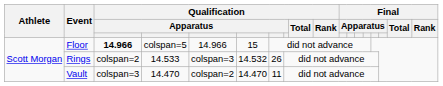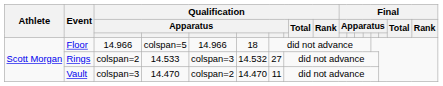 <table class="wikitable" style="font-size:90%">
 <tr>
 <th rowspan=3>Athlete</th>
 <th rowspan=3>Event</th>
 <th colspan =8>Qualification</th>
 <th colspan =8>Final</th>
 </tr>
 <tr style="font-size:95%">
 <th colspan=6>Apparatus</th>
 <th rowspan=2>Total</th>
 <th rowspan=2>Rank</th>
 <th colspan=6>Apparatus</th>
 <th rowspan=2>Total</th>
 <th rowspan=2>Rank</th>
 </tr>
 <tr style="font-size:95%">
 <th></th>
 <th></th>
 <th></th>
 <th></th>
 <th></th>
 <th></th>
 <th></th>
 <th></th>
 <th></th>
 <th></th>
 <th></th>
 <th></th>
 </tr>
 <tr align=center>
 <td align=left rowspan=3><a href='#'>Scott Morgan</a></td>
 <td align=left><a href='#'>Floor</a></td>
-<td><strong>14.966</strong></td>
+<td>14.966</td>
 <td>colspan=5 </td>
 <td>14.966</td>
-<td>15</td>
+<td>18</td>
 <td colspan=8>did not advance</td>
 </tr>
 <tr align=center>
 <td align=left><a href='#'>Rings</a></td>
 <td>colspan=2 </td>
 <td>14.533</td>
 <td>colspan=3 </td>
 <td>14.532</td>
-<td>26</td>
+<td>27</td>
 <td colspan=8>did not advance</td>
 </tr>
 <tr align=center>
 <td align=left><a href='#'>Vault</a></td>
 <td>colspan=3 </td>
 <td>14.470</td>
 <td>colspan=2 </td>
 <td>14.470</td>
 <td>11</td>
 <td colspan=8>did not advance</td>
 </tr>
 </table>
